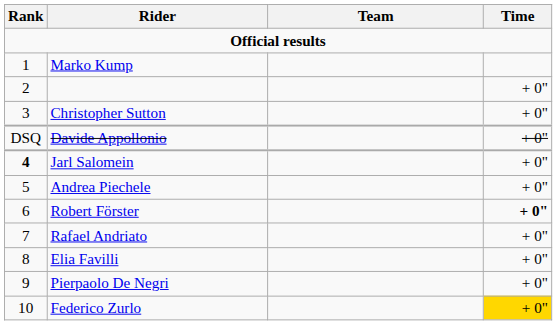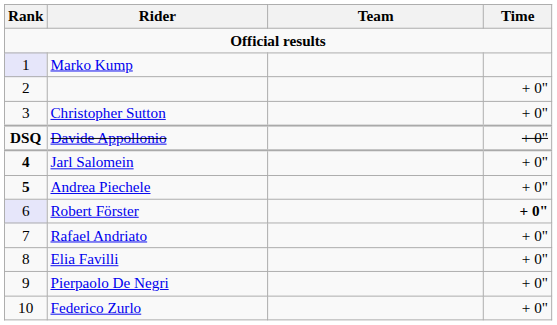 <table class="wikitable">
 <tr>
 <th>Rank</th>
 <th>Rider</th>
 <th>Team</th>
 <th>Time</th>
 </tr>
 <tr>
 <td align=center colspan=4><strong>Official results</strong></td>
 </tr>
 <tr>
-<td align=center>1</td>
+<td align=center style="background: lavender;">1</td>
 <td width=225> <a href='#'>Marko Kump</a></td>
 <td width=220></td>
 <td width=64 align=right></td>
 </tr>
 <tr>
 <td align=center>2</td>
 <td></td>
 <td></td>
 <td style="text-align:right;">+ 0"</td>
 </tr>
 <tr>
 <td align=center>3</td>
 <td> <a href='#'>Christopher Sutton</a></td>
 <td></td>
 <td style="text-align:right;">+ 0"</td>
 </tr>
 <tr>
-<td align=center style="border-top-width:2px">DSQ</td>
+<td align=center style="border-top-width:2px"><strong>DSQ</strong></td>
 <td style="border-top-width:2px"><s> <a href='#'>Davide Appollonio</a></s></td>
 <td style="border-top-width:2px"><s></s></td>
 <td style="border-top-width:2px" align=right><s>+ 0"</s></td>
 </tr>
 <tr>
 <td align=center style="border-top-width:2px"><strong>4</strong></td>
 <td style="border-top-width:2px"> <a href='#'>Jarl Salomein</a></td>
 <td style="border-top-width:2px"></td>
 <td style="border-top-width:2px" align=right>+ 0"</td>
 </tr>
 <tr>
-<td align=center>5</td>
+<td align=center><strong>5</strong></td>
 <td> <a href='#'>Andrea Piechele</a></td>
 <td></td>
 <td style="text-align:right;">+ 0"</td>
 </tr>
 <tr>
-<td align=center>6</td>
+<td align=center style="background: lavender;">6</td>
 <td> <a href='#'>Robert Förster</a></td>
 <td></td>
 <td style="text-align:right;"><strong>+ 0"</strong></td>
 </tr>
 <tr>
 <td align=center>7</td>
 <td> <a href='#'>Rafael Andriato</a></td>
 <td></td>
 <td style="text-align:right;">+ 0"</td>
 </tr>
 <tr>
 <td align=center>8</td>
 <td> <a href='#'>Elia Favilli</a></td>
 <td></td>
 <td style="text-align:right;">+ 0"</td>
 </tr>
 <tr>
 <td align=center>9</td>
 <td> <a href='#'>Pierpaolo De Negri</a></td>
 <td></td>
 <td style="text-align:right;">+ 0"</td>
 </tr>
 <tr>
 <td align=center>10</td>
 <td> <a href='#'>Federico Zurlo</a></td>
 <td></td>
-<td style="background: gold; text-align:right;">+ 0"</td>
+<td style="text-align:right;">+ 0"</td>
 </tr>
 </table>
